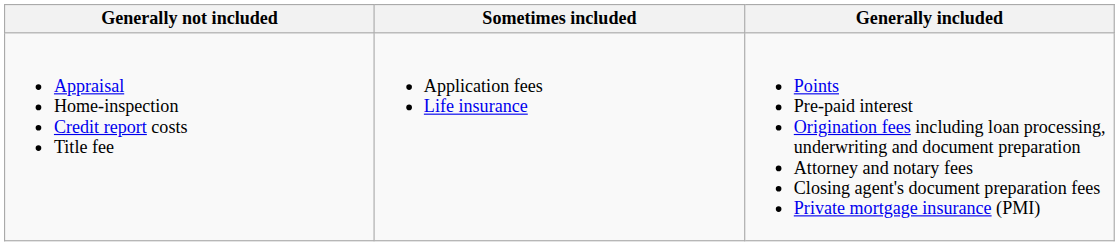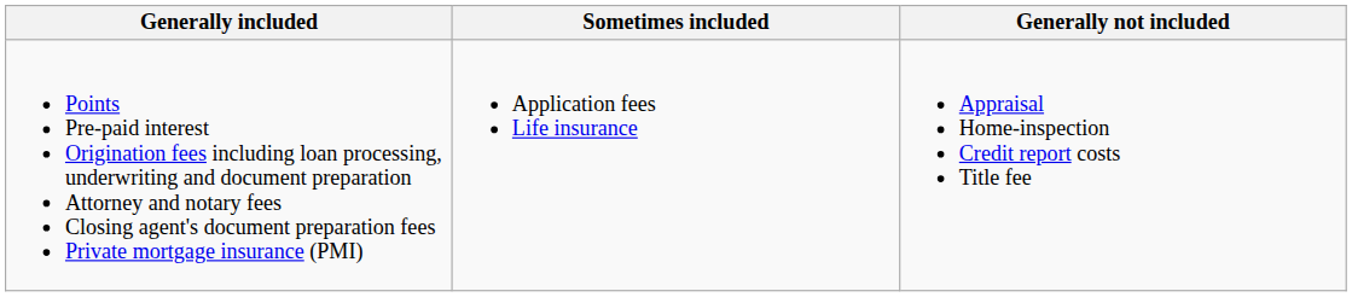 <table class="wikitable">
 <tr>
+<th style="width: 20em;">Generally included</th>
+<th style="width: 20em;">Sometimes included</th>
 <th style="width: 20em;">Generally not included</th>
-<th style="width: 20em;">Sometimes included</th>
-<th style="width: 20em;">Generally included</th>
 </tr>
 <tr style="vertical-align: top;">
+<td><br><ul><li><a href='#'>Points</a></li><li>Pre-paid interest</li><li><a href='#'>Origination fees</a> including loan processing, underwriting and document preparation</li><li>Attorney and notary fees</li><li>Closing agent's document preparation fees</li><li><a href='#'>Private mortgage insurance</a> (PMI)</li></ul></td>
+<td><br><ul><li>Application fees</li><li><a href='#'>Life insurance</a></li></ul></td>
 <td><br><ul><li><a href='#'>Appraisal</a></li><li>Home-inspection</li><li><a href='#'>Credit report</a> costs</li><li>Title fee</li></ul></td>
-<td><br><ul><li>Application fees</li><li><a href='#'>Life insurance</a></li></ul></td>
-<td><br><ul><li><a href='#'>Points</a></li><li>Pre-paid interest</li><li><a href='#'>Origination fees</a> including loan processing, underwriting and document preparation</li><li>Attorney and notary fees</li><li>Closing agent's document preparation fees</li><li><a href='#'>Private mortgage insurance</a> (PMI)</li></ul></td>
 </tr>
 </table>
